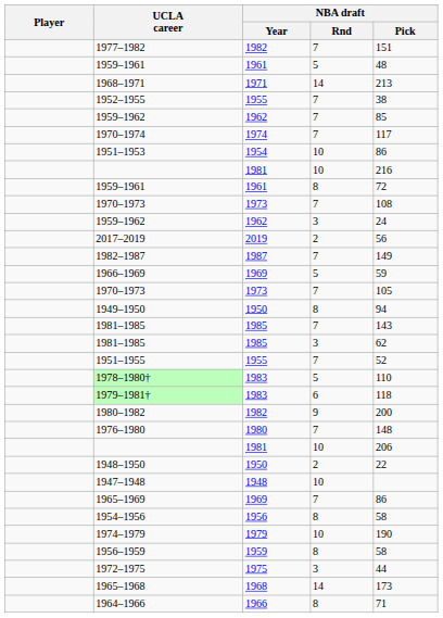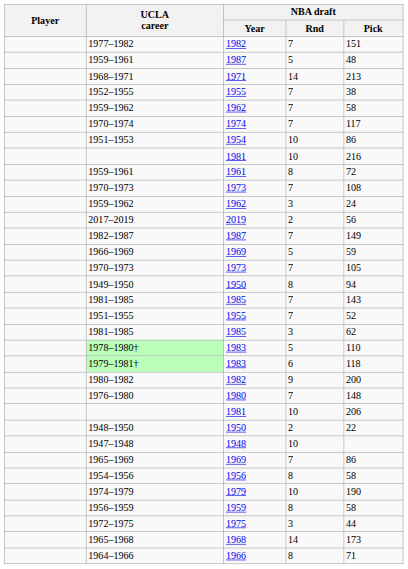 <table class="wikitable sortable" style="width:40%;">
 <tr>
 <th rowspan=2 style="background-color:#">Player</th>
 <th rowspan=2 style="background-color:#">UCLA<br>career<br></th>
 <th colspan=3 style="background-color:#">NBA draft</th>
 </tr>
 <tr>
 <th data-sort-type="number" style="background-color:#">Year</th>
 <th data-sort-type="number" style="background-color:#">Rnd</th>
 <th data-sort-type="number" style="background-color:#">Pick</th>
 </tr>
 <tr>
 <td></td>
 <td>1977–1982</td>
 <td><a href='#'>1982</a></td>
 <td>7</td>
 <td>151</td>
 </tr>
 <tr>
 <td></td>
 <td>1959–1961</td>
-<td><a href='#'>1961</a></td>
+<td><a href='#'>1987</a></td>
 <td>5</td>
 <td>48</td>
 </tr>
 <tr>
 <td></td>
 <td>1968–1971</td>
 <td><a href='#'>1971</a></td>
 <td>14</td>
 <td>213</td>
 </tr>
 <tr>
 <td></td>
 <td>1952–1955</td>
 <td><a href='#'>1955</a></td>
 <td>7</td>
 <td>38</td>
 </tr>
 <tr>
 <td></td>
 <td>1959–1962</td>
 <td><a href='#'>1962</a></td>
 <td>7</td>
-<td>85</td>
+<td>58</td>
 </tr>
 <tr>
 <td></td>
 <td>1970–1974</td>
 <td><a href='#'>1974</a></td>
 <td>7</td>
 <td>117</td>
 </tr>
 <tr>
 <td></td>
 <td>1951–1953</td>
 <td><a href='#'>1954</a></td>
 <td>10</td>
 <td>86</td>
 </tr>
 <tr>
 <td></td>
 <td></td>
 <td><a href='#'>1981</a></td>
 <td>10</td>
 <td>216</td>
 </tr>
 <tr>
 <td></td>
 <td>1959–1961</td>
 <td><a href='#'>1961</a></td>
 <td>8</td>
 <td>72</td>
 </tr>
 <tr>
 <td></td>
 <td>1970–1973</td>
 <td><a href='#'>1973</a></td>
 <td>7</td>
 <td>108</td>
 </tr>
 <tr>
 <td></td>
 <td>1959–1962</td>
 <td><a href='#'>1962</a></td>
 <td>3</td>
 <td>24</td>
 </tr>
 <tr>
 <td></td>
 <td>2017–2019</td>
 <td><a href='#'>2019</a></td>
 <td>2</td>
 <td>56</td>
 </tr>
 <tr>
 <td></td>
 <td>1982–1987</td>
 <td><a href='#'>1987</a></td>
 <td>7</td>
 <td>149</td>
 </tr>
 <tr>
 <td></td>
 <td>1966–1969</td>
 <td><a href='#'>1969</a></td>
 <td>5</td>
 <td>59</td>
 </tr>
 <tr>
 <td></td>
 <td>1970–1973</td>
 <td><a href='#'>1973</a></td>
 <td>7</td>
 <td>105</td>
 </tr>
 <tr>
 <td></td>
 <td>1949–1950</td>
 <td><a href='#'>1950</a></td>
 <td>8</td>
 <td>94</td>
 </tr>
 <tr>
 <td></td>
 <td>1981–1985</td>
 <td><a href='#'>1985</a></td>
 <td>7</td>
 <td>143</td>
 </tr>
 <tr>
 <td></td>
+<td>1951–1955</td>
+<td><a href='#'>1955</a></td>
+<td>7</td>
+<td>52</td>
+</tr>
+<tr>
+<td></td>
 <td>1981–1985</td>
 <td><a href='#'>1985</a></td>
 <td>3</td>
 <td>62</td>
-</tr>
-<tr>
-<td></td>
-<td>1951–1955</td>
-<td><a href='#'>1955</a></td>
-<td>7</td>
-<td>52</td>
 </tr>
 <tr>
 <td></td>
 <td bgcolor="#BFB">1978–1980†</td>
 <td><a href='#'>1983</a></td>
 <td>5</td>
 <td>110</td>
 </tr>
 <tr>
 <td></td>
 <td bgcolor="#BFB">1979–1981†</td>
 <td><a href='#'>1983</a></td>
 <td>6</td>
 <td>118</td>
 </tr>
 <tr>
 <td></td>
 <td>1980–1982</td>
 <td><a href='#'>1982</a></td>
 <td>9</td>
 <td>200</td>
 </tr>
 <tr>
 <td></td>
 <td>1976–1980</td>
 <td><a href='#'>1980</a></td>
 <td>7</td>
 <td>148</td>
 </tr>
 <tr>
 <td></td>
 <td></td>
 <td><a href='#'>1981</a></td>
 <td>10</td>
 <td>206</td>
 </tr>
 <tr>
 <td></td>
 <td>1948–1950</td>
 <td><a href='#'>1950</a></td>
 <td>2</td>
 <td>22</td>
 </tr>
 <tr>
 <td></td>
 <td>1947–1948</td>
 <td><a href='#'>1948</a></td>
 <td>10</td>
 <td></td>
 </tr>
 <tr>
 <td></td>
 <td>1965–1969</td>
 <td><a href='#'>1969</a></td>
 <td>7</td>
 <td>86</td>
 </tr>
 <tr>
 <td></td>
 <td>1954–1956</td>
 <td><a href='#'>1956</a></td>
 <td>8</td>
 <td>58</td>
 </tr>
 <tr>
 <td></td>
 <td>1974–1979</td>
 <td><a href='#'>1979</a></td>
 <td>10</td>
 <td>190</td>
 </tr>
 <tr>
 <td></td>
 <td>1956–1959</td>
 <td><a href='#'>1959</a></td>
 <td>8</td>
 <td>58</td>
 </tr>
 <tr>
 <td></td>
 <td>1972–1975</td>
 <td><a href='#'>1975</a></td>
 <td>3</td>
 <td>44</td>
 </tr>
 <tr>
 <td></td>
 <td>1965–1968</td>
 <td><a href='#'>1968</a></td>
 <td>14</td>
 <td>173</td>
 </tr>
 <tr>
 <td></td>
 <td>1964–1966</td>
 <td><a href='#'>1966</a></td>
 <td>8</td>
 <td>71</td>
 </tr>
 </table>
